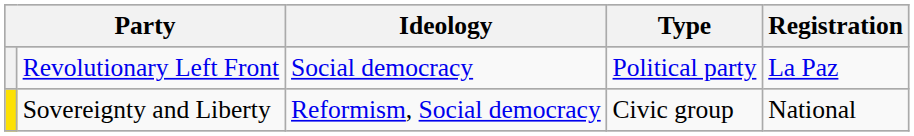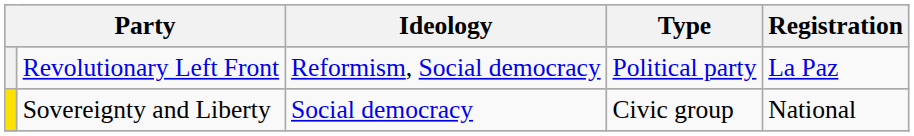 <table class="wikitable" style="font-size:95%">
 <tr>
 <th colspan="2">Party</th>
 <th>Ideology</th>
 <th>Type</th>
 <th>Registration</th>
 </tr>
 <tr>
 <th style="background-color:"></th>
 <td><a href='#'>Revolutionary Left Front</a></td>
-<td><a href='#'>Social democracy</a></td>
+<td><a href='#'>Reformism</a>, <a href='#'>Social democracy</a></td>
 <td><a href='#'>Political party</a></td>
 <td><a href='#'>La Paz</a></td>
 </tr>
 <tr>
 <th style="background-color:#FDE102"></th>
 <td>Sovereignty and Liberty</td>
-<td><a href='#'>Reformism</a>, <a href='#'>Social democracy</a></td>
+<td><a href='#'>Social democracy</a></td>
 <td>Civic group</td>
 <td>National</td>
 </tr>
 </table>
